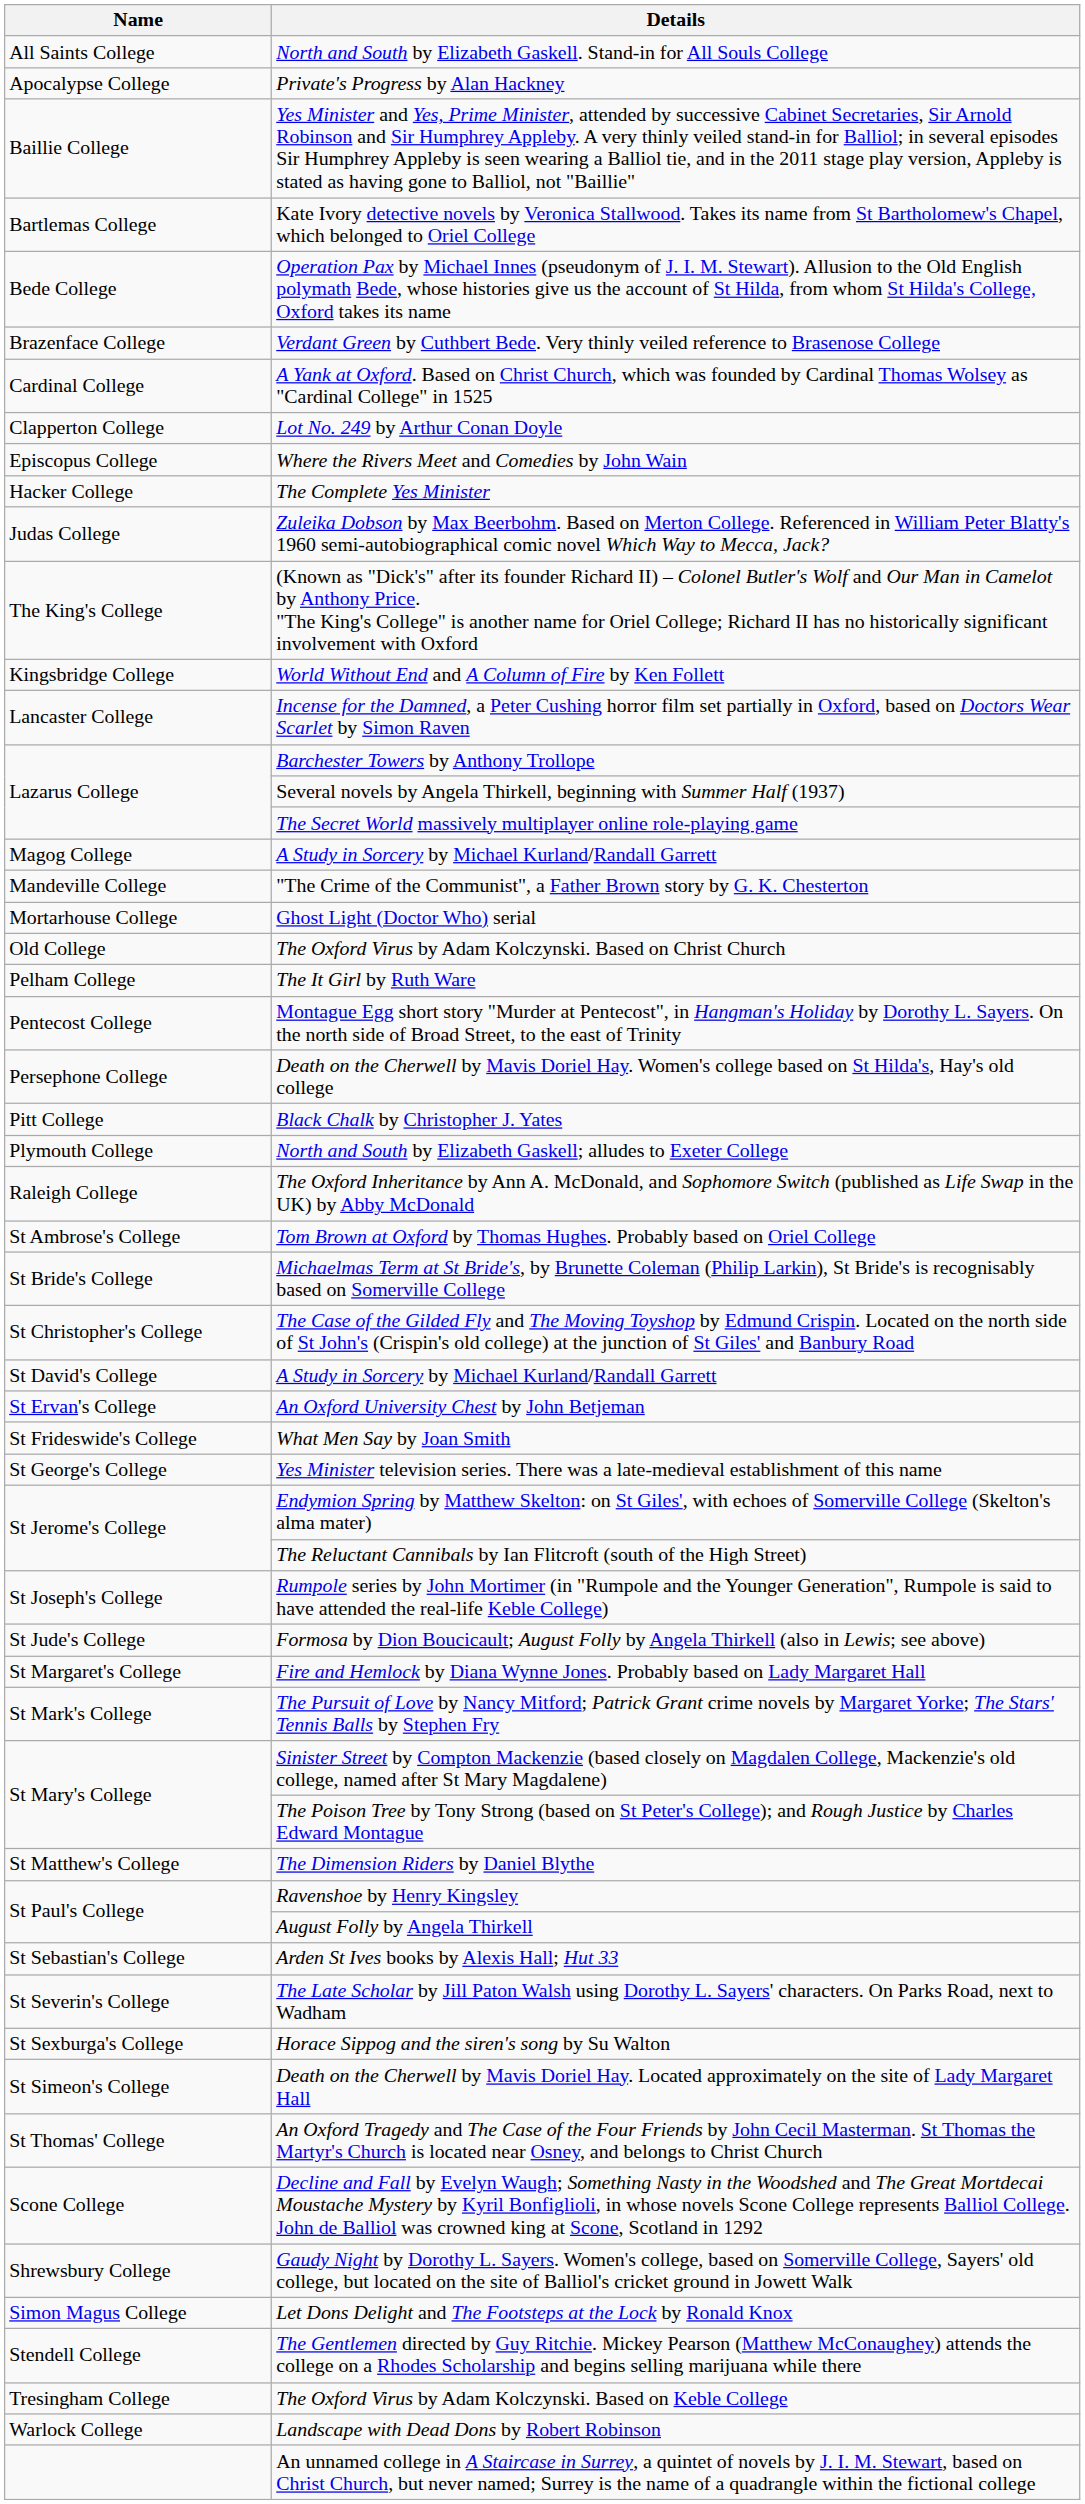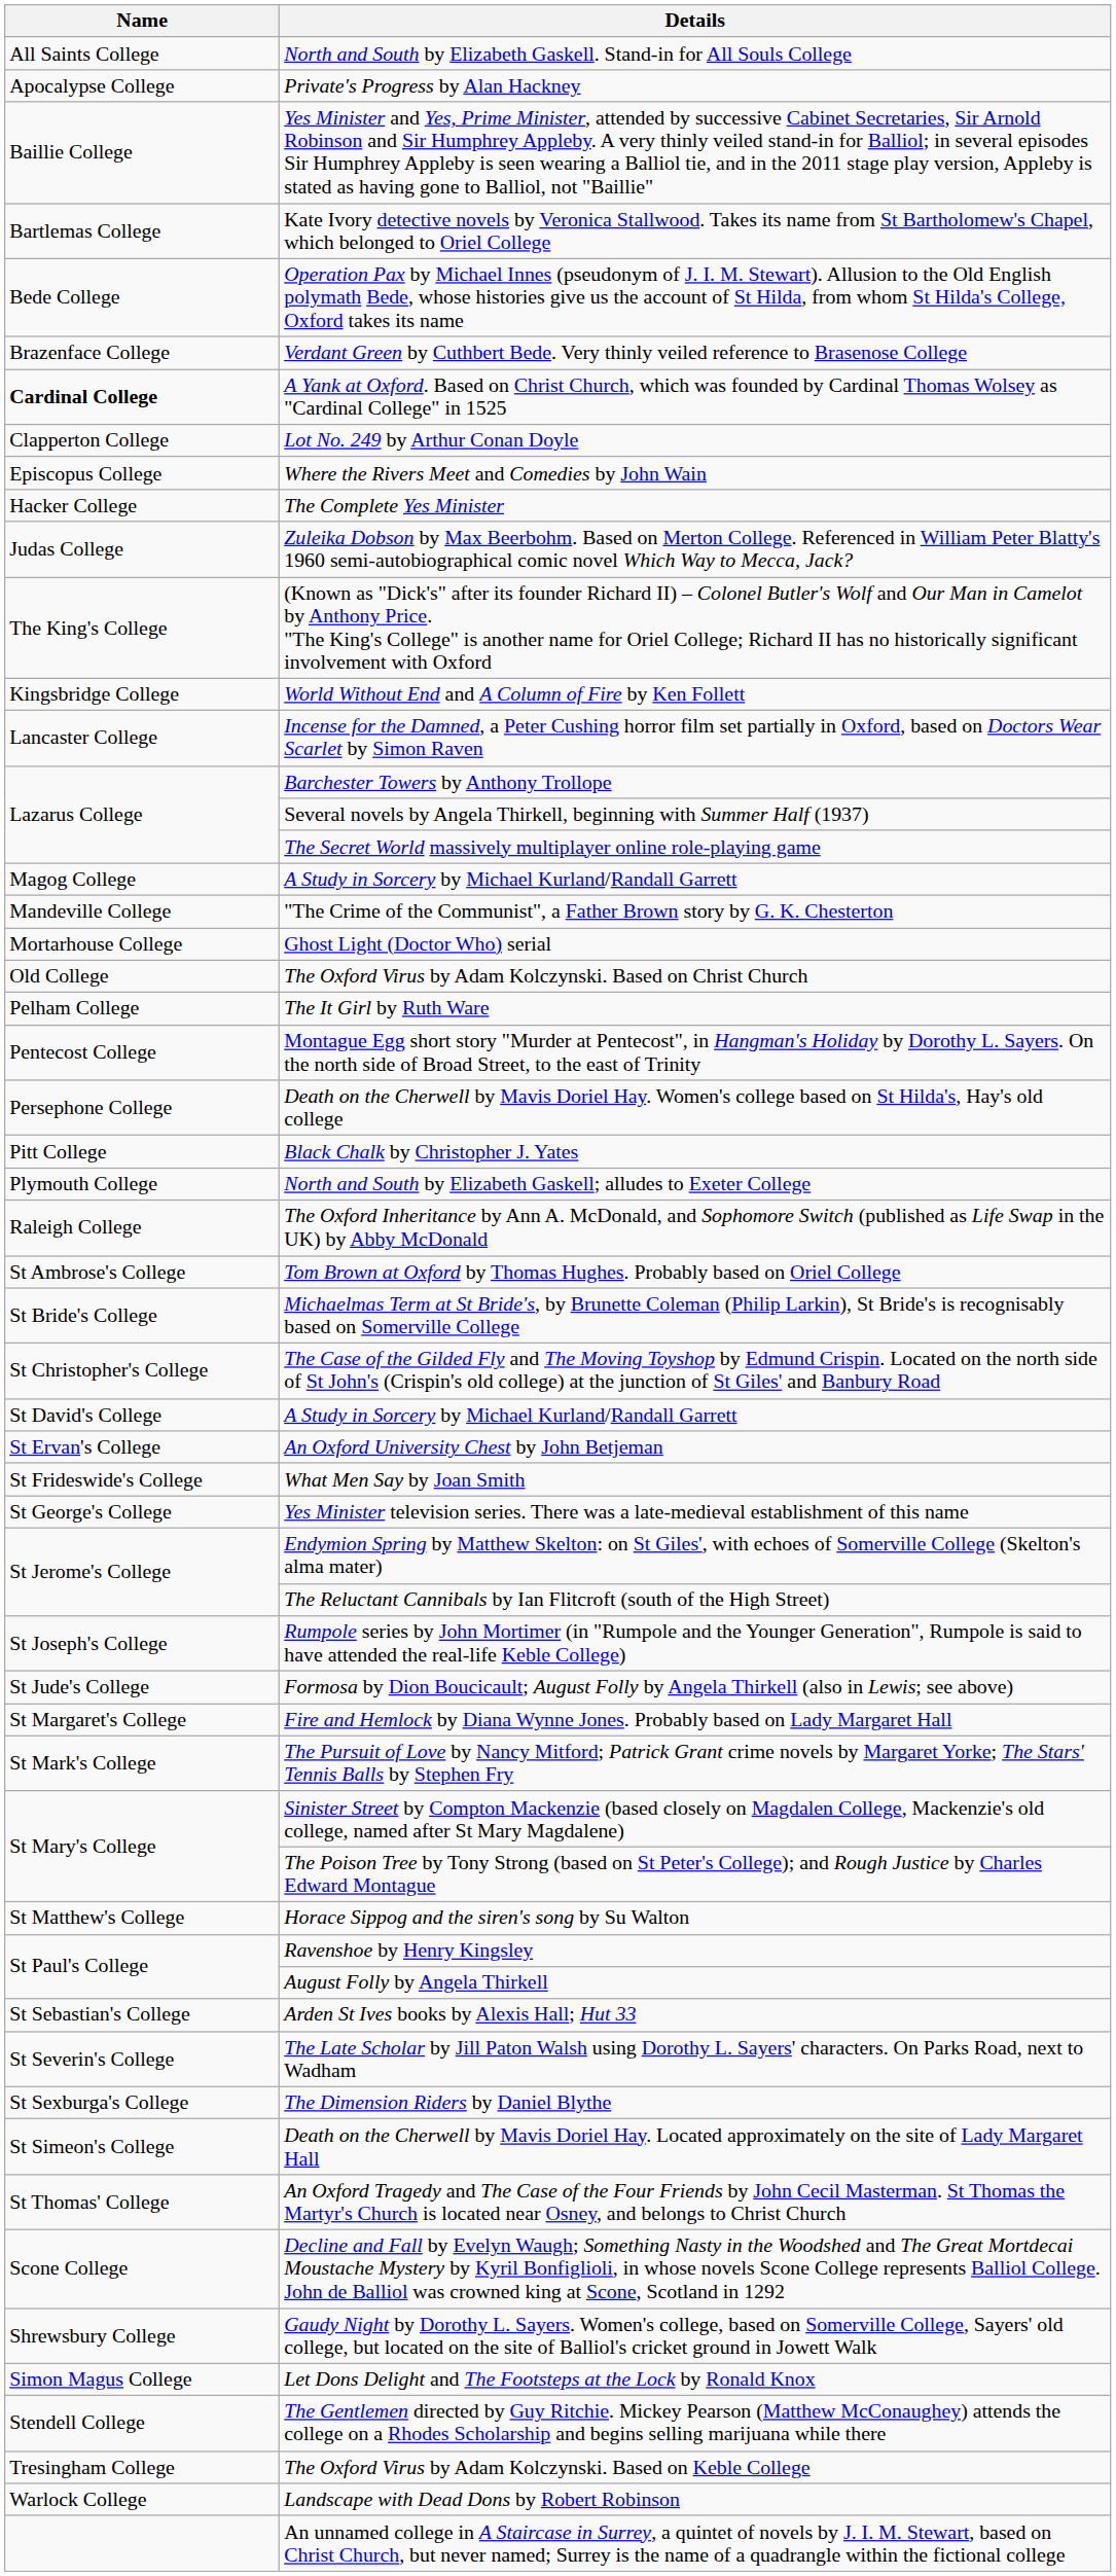 <table class="wikitable">
 <tr>
 <th style="width:13em;">Name</th>
 <th>Details</th>
 </tr>
 <tr>
 <td>All Saints College</td>
 <td><em><a href='#'>North and South</a></em> by <a href='#'>Elizabeth Gaskell</a>. Stand-in for <a href='#'>All Souls College</a></td>
 </tr>
 <tr>
 <td>Apocalypse College</td>
 <td><em>Private's Progress</em> by <a href='#'>Alan Hackney</a></td>
 </tr>
 <tr>
 <td>Baillie College</td>
 <td><em><a href='#'>Yes Minister</a></em> and <em><a href='#'>Yes, Prime Minister</a></em>, attended by successive <a href='#'>Cabinet Secretaries</a>, <a href='#'>Sir Arnold Robinson</a> and <a href='#'>Sir Humphrey Appleby</a>. A very thinly veiled stand-in for <a href='#'>Balliol</a>; in several episodes Sir Humphrey Appleby is seen wearing a Balliol tie, and in the 2011 stage play version, Appleby is stated as having gone to Balliol, not "Baillie"</td>
 </tr>
 <tr>
 <td>Bartlemas College</td>
 <td>Kate Ivory <a href='#'>detective novels</a> by <a href='#'>Veronica Stallwood</a>. Takes its name from <a href='#'>St Bartholomew's Chapel</a>, which belonged to <a href='#'>Oriel College</a></td>
 </tr>
 <tr>
 <td>Bede College</td>
 <td><em><a href='#'>Operation Pax</a></em> by <a href='#'>Michael Innes</a> (pseudonym of <a href='#'>J. I. M. Stewart</a>). Allusion to the Old English <a href='#'>polymath</a> <a href='#'>Bede</a>, whose histories give us the account of <a href='#'>St Hilda</a>, from whom <a href='#'>St Hilda's College, Oxford</a> takes its name</td>
 </tr>
 <tr>
 <td>Brazenface College</td>
 <td><em><a href='#'>Verdant Green</a></em> by <a href='#'>Cuthbert Bede</a>. Very thinly veiled reference to <a href='#'>Brasenose College</a></td>
 </tr>
 <tr>
-<td>Cardinal College</td>
+<td><strong>Cardinal College</strong></td>
 <td><em><a href='#'>A Yank at Oxford</a></em>. Based on <a href='#'>Christ Church</a>, which was founded by Cardinal <a href='#'>Thomas Wolsey</a> as "Cardinal College" in 1525</td>
 </tr>
 <tr>
 <td>Clapperton College</td>
 <td><em><a href='#'>Lot No. 249</a></em> by <a href='#'>Arthur Conan Doyle</a></td>
 </tr>
 <tr>
 <td>Episcopus College</td>
 <td><em>Where the Rivers Meet</em> and <em>Comedies</em> by <a href='#'>John Wain</a></td>
 </tr>
 <tr>
 <td>Hacker College</td>
 <td><em>The Complete <a href='#'>Yes Minister</a></em></td>
 </tr>
 <tr>
 <td>Judas College</td>
 <td><em><a href='#'>Zuleika Dobson</a></em> by <a href='#'>Max Beerbohm</a>. Based on <a href='#'>Merton College</a>. Referenced in <a href='#'>William Peter Blatty's</a> 1960 semi-autobiographical comic novel <em>Which Way to Mecca, Jack?</em></td>
 </tr>
 <tr>
 <td>The King's College</td>
 <td>(Known as "Dick's" after its founder Richard II) – <em>Colonel Butler's Wolf</em> and <em>Our Man in Camelot</em> by <a href='#'>Anthony Price</a>.<br>"The King's College" is another name for Oriel College; Richard II has no historically significant involvement with Oxford</td>
 </tr>
 <tr>
 <td>Kingsbridge College</td>
 <td><em><a href='#'>World Without End</a></em> and <em><a href='#'>A Column of Fire</a></em> by <a href='#'>Ken Follett</a></td>
 </tr>
 <tr>
 <td>Lancaster College</td>
 <td><em><a href='#'>Incense for the Damned</a></em>, a <a href='#'>Peter Cushing</a> horror film set partially in <a href='#'>Oxford</a>, based on <em><a href='#'>Doctors Wear Scarlet</a></em> by <a href='#'>Simon Raven</a></td>
 </tr>
 <tr>
 <td rowspan=3>Lazarus College</td>
 <td><em><a href='#'>Barchester Towers</a></em> by <a href='#'>Anthony Trollope</a></td>
 </tr>
 <tr>
 <td>Several novels by Angela Thirkell, beginning with <em>Summer Half</em> (1937)</td>
 </tr>
 <tr>
 <td><em><a href='#'>The Secret World</a></em> <a href='#'>massively multiplayer online role-playing game</a></td>
 </tr>
 <tr>
 <td>Magog College</td>
 <td><em><a href='#'>A Study in Sorcery</a></em> by <a href='#'>Michael Kurland</a>/<a href='#'>Randall Garrett</a></td>
 </tr>
 <tr>
 <td>Mandeville College</td>
 <td>"The Crime of the Communist", a <a href='#'>Father Brown</a> story by <a href='#'>G. K. Chesterton</a></td>
 </tr>
 <tr>
 <td>Mortarhouse College</td>
 <td><a href='#'>Ghost Light (Doctor Who)</a> serial</td>
 </tr>
 <tr>
 <td>Old College</td>
 <td><em>The Oxford Virus</em> by Adam Kolczynski. Based on Christ Church</td>
 </tr>
 <tr>
 <td>Pelham College</td>
 <td><em>The It Girl</em> by <a href='#'>Ruth Ware</a></td>
 </tr>
 <tr>
 <td>Pentecost College</td>
 <td><a href='#'>Montague Egg</a> short story "Murder at Pentecost", in <em><a href='#'>Hangman's Holiday</a></em> by <a href='#'>Dorothy L. Sayers</a>. On the north side of Broad Street, to the east of Trinity</td>
 </tr>
 <tr>
 <td>Persephone College</td>
 <td><em>Death on the Cherwell</em> by <a href='#'>Mavis Doriel Hay</a>. Women's college based on <a href='#'>St Hilda's</a>, Hay's old college</td>
 </tr>
 <tr>
 <td>Pitt College</td>
 <td><em><a href='#'>Black Chalk</a></em> by <a href='#'>Christopher J. Yates</a></td>
 </tr>
 <tr>
 <td>Plymouth College</td>
 <td><em><a href='#'>North and South</a></em> by <a href='#'>Elizabeth Gaskell</a>; alludes to <a href='#'>Exeter College</a></td>
 </tr>
 <tr>
 <td>Raleigh College</td>
 <td><em>The Oxford Inheritance</em> by Ann A. McDonald, and <em>Sophomore Switch</em> (published as <em>Life Swap</em> in the UK) by <a href='#'>Abby McDonald</a></td>
 </tr>
 <tr>
 <td>St Ambrose's College</td>
 <td><em><a href='#'>Tom Brown at Oxford</a></em> by <a href='#'>Thomas Hughes</a>. Probably based on <a href='#'>Oriel College</a></td>
 </tr>
 <tr>
 <td>St Bride's College</td>
 <td><em><a href='#'>Michaelmas Term at St Bride's</a></em>, by <a href='#'>Brunette Coleman</a> (<a href='#'>Philip Larkin</a>), St Bride's is recognisably based on <a href='#'>Somerville College</a></td>
 </tr>
 <tr>
 <td>St Christopher's College</td>
 <td><em><a href='#'>The Case of the Gilded Fly</a></em> and <em><a href='#'>The Moving Toyshop</a></em> by <a href='#'>Edmund Crispin</a>. Located on the north side of <a href='#'>St John's</a> (Crispin's old college) at the junction of <a href='#'>St Giles'</a> and <a href='#'>Banbury Road</a></td>
 </tr>
 <tr>
 <td>St David's College</td>
 <td><em><a href='#'>A Study in Sorcery</a></em> by <a href='#'>Michael Kurland</a>/<a href='#'>Randall Garrett</a></td>
 </tr>
 <tr>
 <td><a href='#'>St Ervan</a>'s College</td>
 <td><em><a href='#'>An Oxford University Chest</a></em> by <a href='#'>John Betjeman</a></td>
 </tr>
 <tr>
 <td>St Frideswide's College</td>
 <td><em>What Men Say</em> by <a href='#'>Joan Smith</a></td>
 </tr>
 <tr>
 <td>St George's College</td>
 <td><em><a href='#'>Yes Minister</a></em> television series. There was a late-medieval establishment of this name</td>
 </tr>
 <tr>
 <td rowspan=2>St Jerome's College</td>
 <td><em><a href='#'>Endymion Spring</a></em> by <a href='#'>Matthew Skelton</a>: on <a href='#'>St Giles'</a>, with echoes of <a href='#'>Somerville College</a> (Skelton's alma mater)</td>
 </tr>
 <tr>
 <td><em>The Reluctant Cannibals</em> by Ian Flitcroft (south of the High Street)</td>
 </tr>
 <tr>
 <td>St Joseph's College</td>
 <td><em><a href='#'>Rumpole</a></em> series by <a href='#'>John Mortimer</a> (in "Rumpole and the Younger Generation", Rumpole is said to have attended the real-life <a href='#'>Keble College</a>)</td>
 </tr>
 <tr>
 <td>St Jude's College</td>
 <td><em>Formosa</em> by <a href='#'>Dion Boucicault</a>; <em>August Folly</em> by <a href='#'>Angela Thirkell</a> (also in <em>Lewis</em>; see above)</td>
 </tr>
 <tr>
 <td>St Margaret's College</td>
 <td><em><a href='#'>Fire and Hemlock</a></em> by <a href='#'>Diana Wynne Jones</a>. Probably based on <a href='#'>Lady Margaret Hall</a></td>
 </tr>
 <tr>
 <td>St Mark's College</td>
 <td><em><a href='#'>The Pursuit of Love</a></em> by <a href='#'>Nancy Mitford</a>; <em>Patrick Grant</em> crime novels by <a href='#'>Margaret Yorke</a>; <em><a href='#'>The Stars' Tennis Balls</a></em> by <a href='#'>Stephen Fry</a></td>
 </tr>
 <tr>
 <td rowspan=2>St Mary's College</td>
 <td><em><a href='#'>Sinister Street</a></em> by <a href='#'>Compton Mackenzie</a> (based closely on <a href='#'>Magdalen College</a>, Mackenzie's old college, named after St Mary Magdalene)</td>
 </tr>
 <tr>
 <td><em>The Poison Tree</em> by Tony Strong (based on <a href='#'>St Peter's College</a>); and <em>Rough Justice</em> by <a href='#'>Charles Edward Montague</a></td>
 </tr>
 <tr>
 <td>St Matthew's College</td>
-<td><em><a href='#'>The Dimension Riders</a></em> by <a href='#'>Daniel Blythe</a></td>
+<td><em>Horace Sippog and the siren's song</em> by Su Walton</td>
 </tr>
 <tr>
 <td rowspan=2>St Paul's College</td>
 <td><em>Ravenshoe</em> by <a href='#'>Henry Kingsley</a></td>
 </tr>
 <tr>
 <td><em>August Folly</em> by <a href='#'>Angela Thirkell</a></td>
 </tr>
 <tr>
 <td>St Sebastian's College</td>
 <td><em>Arden St Ives</em> books by <a href='#'>Alexis Hall</a>; <em><a href='#'>Hut 33</a></em></td>
 </tr>
 <tr>
 <td>St Severin's College</td>
 <td><em><a href='#'>The Late Scholar</a></em> by <a href='#'>Jill Paton Walsh</a> using <a href='#'>Dorothy L. Sayers</a>' characters. On Parks Road, next to Wadham</td>
 </tr>
 <tr>
 <td>St Sexburga's College</td>
-<td><em>Horace Sippog and the siren's song</em> by Su Walton</td>
+<td><em><a href='#'>The Dimension Riders</a></em> by <a href='#'>Daniel Blythe</a></td>
 </tr>
 <tr>
 <td>St Simeon's College</td>
 <td><em>Death on the Cherwell</em> by <a href='#'>Mavis Doriel Hay</a>. Located approximately on the site of <a href='#'>Lady Margaret Hall</a></td>
 </tr>
 <tr>
 <td>St Thomas' College</td>
 <td><em>An Oxford Tragedy</em> and <em>The Case of the Four Friends</em> by <a href='#'>John Cecil Masterman</a>. <a href='#'>St Thomas the Martyr's Church</a> is located near <a href='#'>Osney</a>, and belongs to Christ Church</td>
 </tr>
 <tr>
 <td>Scone College</td>
 <td><em><a href='#'>Decline and Fall</a></em> by <a href='#'>Evelyn Waugh</a>; <em>Something Nasty in the Woodshed</em> and <em>The Great Mortdecai Moustache Mystery</em> by <a href='#'>Kyril Bonfiglioli</a>, in whose novels Scone College represents <a href='#'>Balliol College</a>. <a href='#'>John de Balliol</a> was crowned king at <a href='#'>Scone</a>, Scotland in 1292</td>
 </tr>
 <tr>
 <td>Shrewsbury College</td>
 <td><em><a href='#'>Gaudy Night</a></em> by <a href='#'>Dorothy L. Sayers</a>. Women's college, based on <a href='#'>Somerville College</a>, Sayers' old college, but located on the site of Balliol's cricket ground in Jowett Walk</td>
 </tr>
 <tr>
 <td><a href='#'>Simon Magus</a> College</td>
 <td><em>Let Dons Delight</em> and <em><a href='#'>The Footsteps at the Lock</a></em> by <a href='#'>Ronald Knox</a></td>
 </tr>
 <tr>
 <td>Stendell College</td>
 <td><em><a href='#'>The Gentlemen</a></em> directed by <a href='#'>Guy Ritchie</a>. Mickey Pearson (<a href='#'>Matthew McConaughey</a>) attends the college on a <a href='#'>Rhodes Scholarship</a> and begins selling marijuana while there</td>
 </tr>
 <tr>
 <td>Tresingham College</td>
 <td><em>The Oxford Virus</em> by Adam Kolczynski. Based on <a href='#'>Keble College</a></td>
 </tr>
 <tr>
 <td>Warlock College</td>
 <td><em>Landscape with Dead Dons</em> by <a href='#'>Robert Robinson</a></td>
 </tr>
 <tr>
 <td></td>
 <td>An unnamed college in <em><a href='#'>A Staircase in Surrey</a></em>, a quintet of novels by <a href='#'>J. I. M. Stewart</a>, based on <a href='#'>Christ Church</a>, but never named; Surrey is the name of a quadrangle within the fictional college</td>
 </tr>
 </table>
